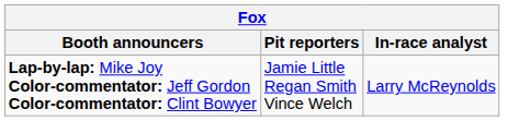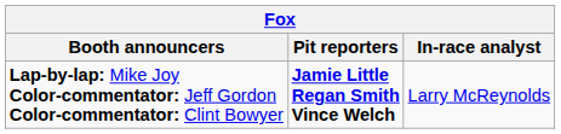 <table class="wikitable" style="font-size: 95%">
 <tr>
 <th colspan="3"><a href='#'>Fox</a></th>
 </tr>
 <tr>
 <th>Booth announcers</th>
 <th>Pit reporters</th>
 <th>In-race analyst</th>
 </tr>
 <tr>
 <td><strong>Lap-by-lap:</strong> <a href='#'>Mike Joy</a><br><strong>Color-commentator:</strong> <a href='#'>Jeff Gordon</a><br><strong>Color-commentator:</strong> <a href='#'>Clint Bowyer</a></td>
-<td><a href='#'>Jamie Little</a><br><a href='#'>Regan Smith</a><br>Vince Welch</td>
+<td><strong><a href='#'>Jamie Little</a><br><a href='#'>Regan Smith</a><br>Vince Welch</strong></td>
 <td><a href='#'>Larry McReynolds</a></td>
 </tr>
 </table>
